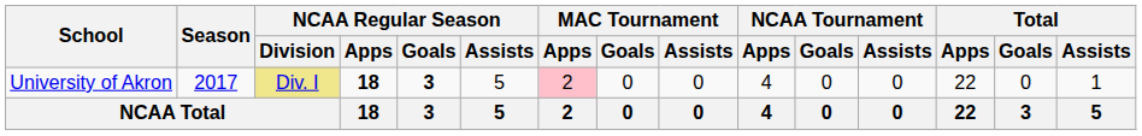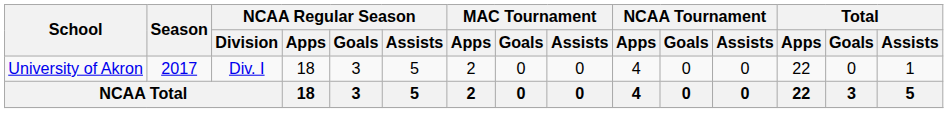 <table class="wikitable" style="text-align: center;">
 <tr>
 <th rowspan="2">School</th>
 <th rowspan="2">Season</th>
 <th colspan="4">NCAA Regular Season</th>
 <th colspan="3">MAC Tournament</th>
 <th colspan="3">NCAA Tournament</th>
 <th colspan="3">Total</th>
 </tr>
 <tr>
 <th>Division</th>
 <th>Apps</th>
 <th>Goals</th>
 <th>Assists</th>
 <th>Apps</th>
 <th>Goals</th>
 <th>Assists</th>
 <th>Apps</th>
 <th>Goals</th>
 <th>Assists</th>
 <th>Apps</th>
 <th>Goals</th>
 <th>Assists</th>
 </tr>
 <tr>
 <td><a href='#'>University of Akron</a></td>
 <td><a href='#'>2017</a></td>
-<td style="background: khaki;"><a href='#'>Div. I</a></td>
-<td><strong>18</strong></td>
-<td><strong>3</strong></td>
+<td><a href='#'>Div. I</a></td>
+<td>18</td>
+<td>3</td>
 <td>5</td>
-<td style="background: pink;">2</td>
+<td>2</td>
 <td>0</td>
 <td>0</td>
 <td>4</td>
 <td>0</td>
 <td>0</td>
 <td>22</td>
 <td>0</td>
 <td>1</td>
 </tr>
 <tr>
 <th colspan="3">NCAA Total</th>
 <th>18</th>
 <th>3</th>
 <th>5</th>
 <th>2</th>
 <th>0</th>
 <th>0</th>
 <th>4</th>
 <th>0</th>
 <th>0</th>
 <th>22</th>
 <th>3</th>
 <th>5</th>
 </tr>
 <tr>
 </tr>
 </table>
